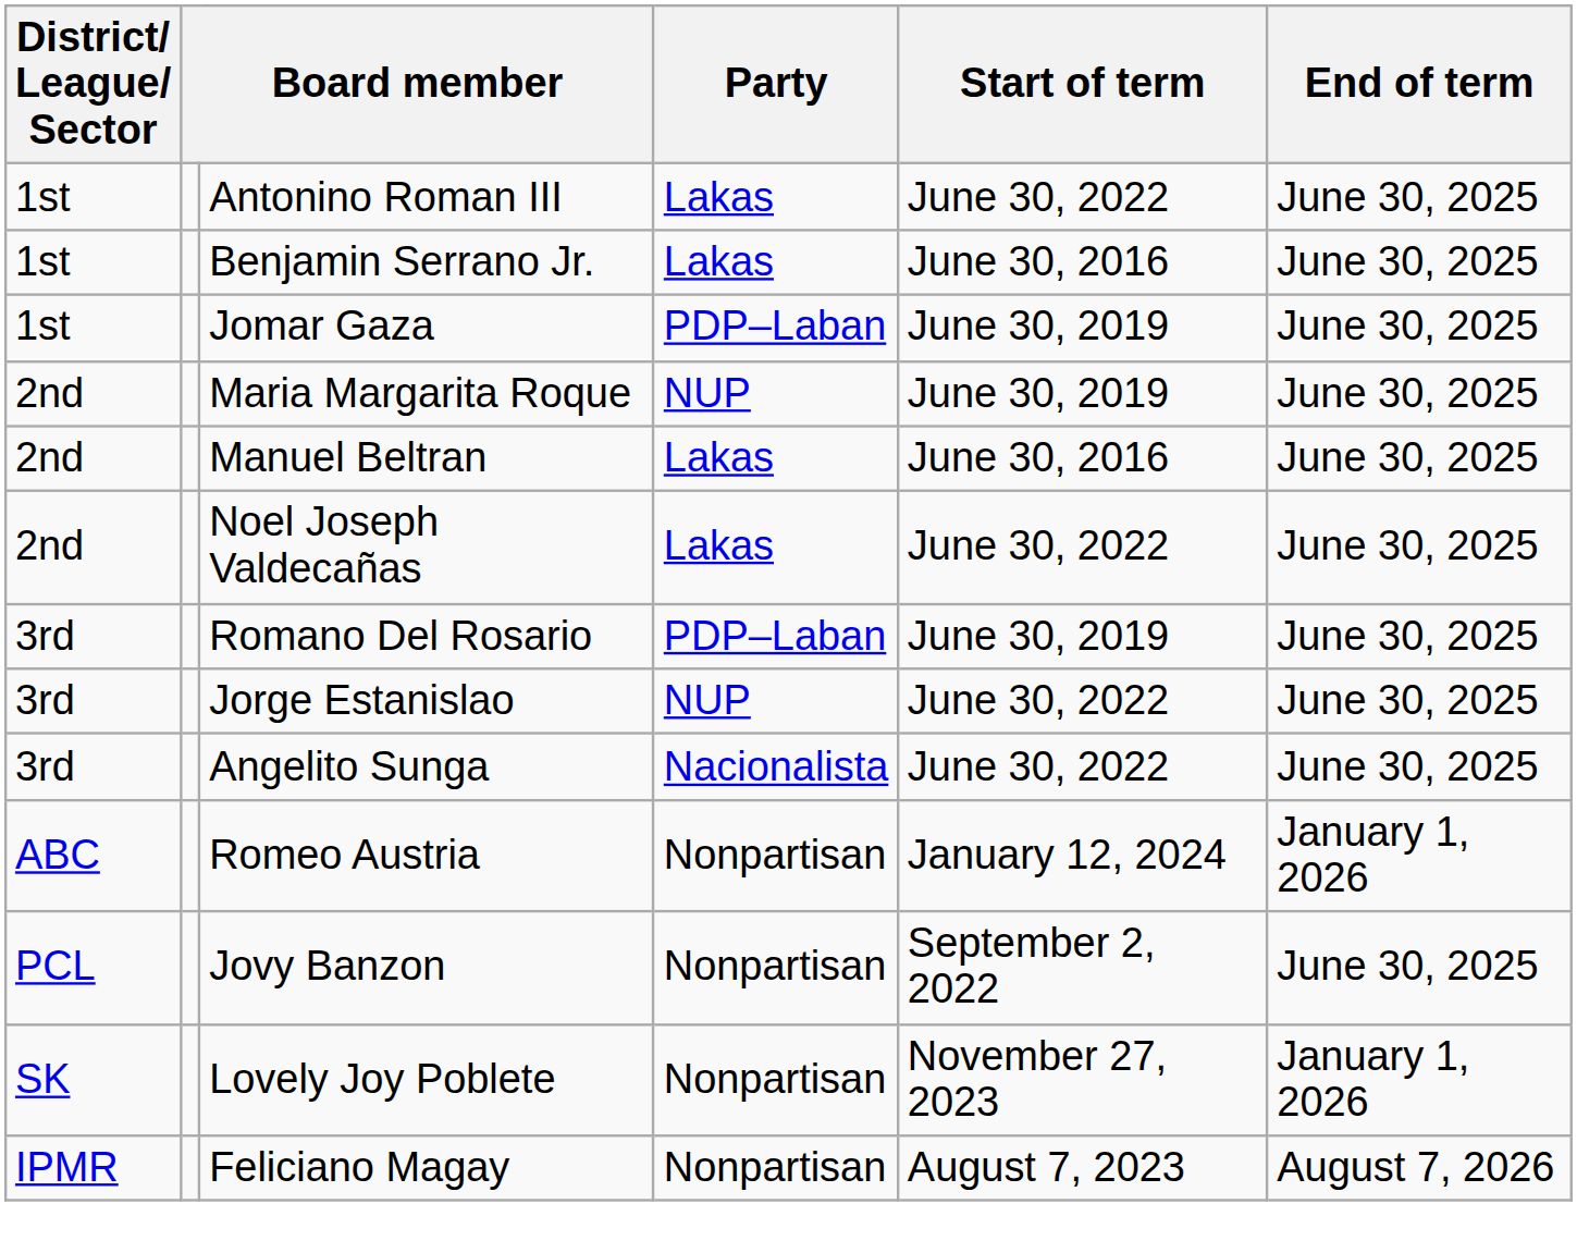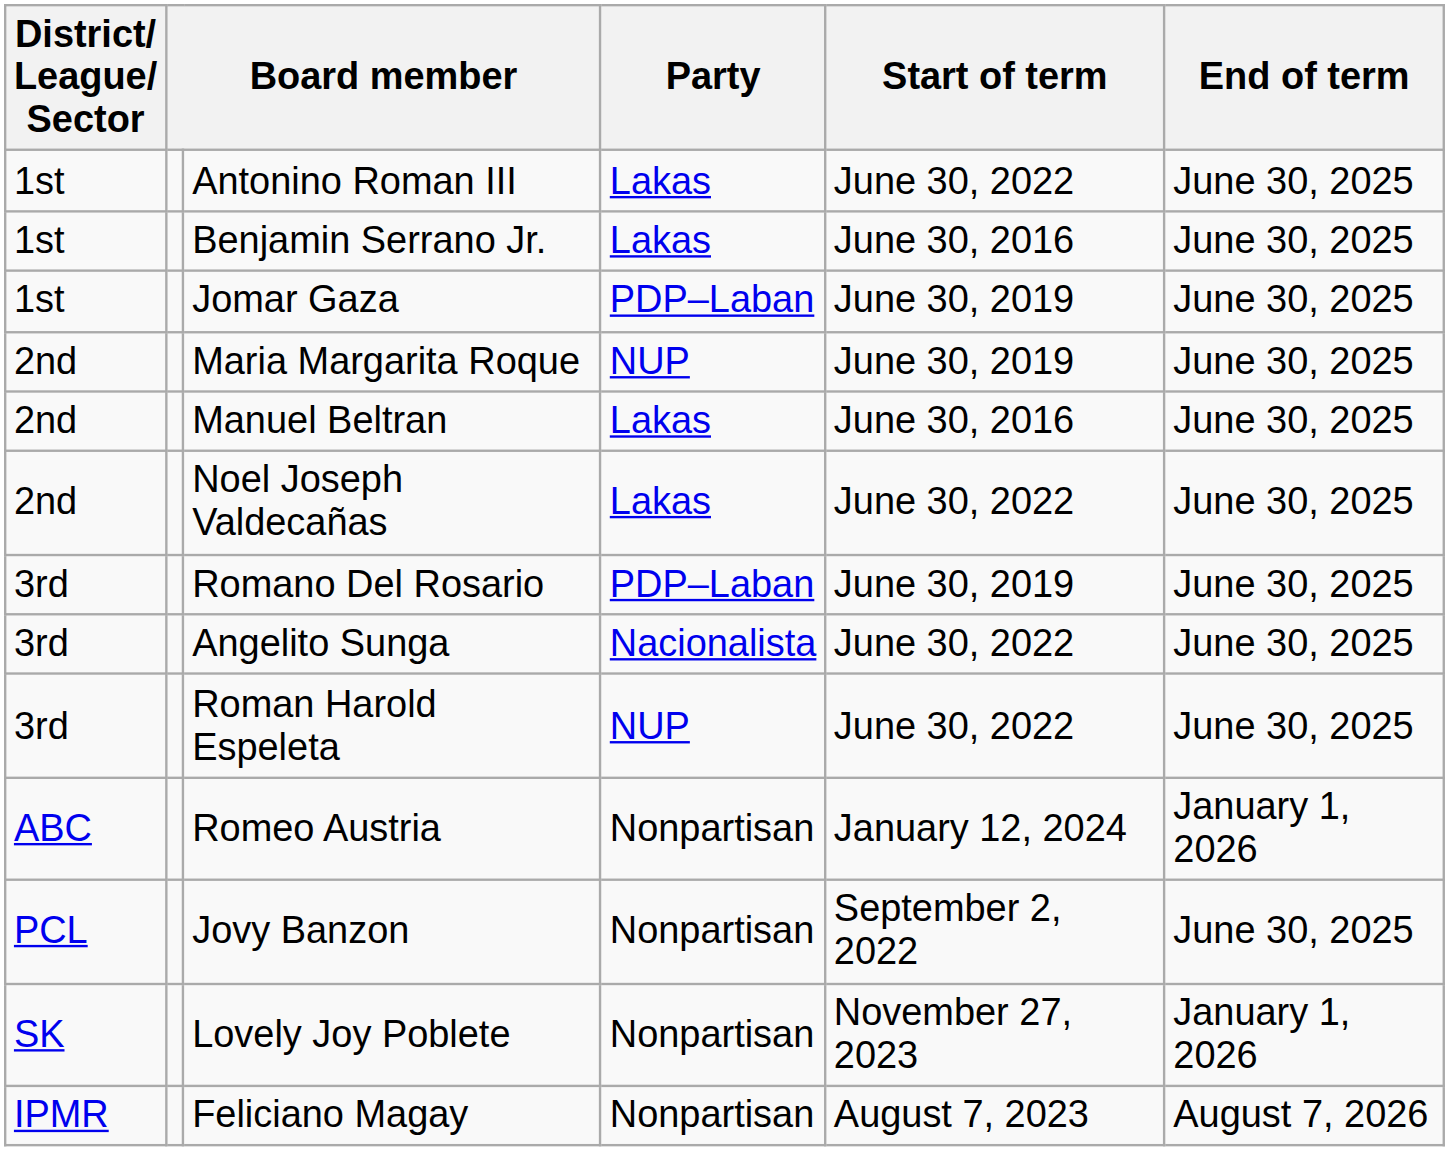 <table class="wikitable">
 <tr>
 <th>District/<br>League/<br>Sector</th>
 <th colspan="2">Board member</th>
 <th>Party</th>
 <th>Start of term</th>
 <th>End of term</th>
 </tr>
 <tr>
 <td>1st</td>
 <td></td>
 <td>Antonino Roman III</td>
 <td><a href='#'>Lakas</a></td>
 <td>June 30, 2022</td>
 <td>June 30, 2025</td>
 </tr>
 <tr>
 <td>1st</td>
 <td></td>
 <td>Benjamin Serrano Jr.</td>
 <td><a href='#'>Lakas</a></td>
 <td>June 30, 2016</td>
 <td>June 30, 2025</td>
 </tr>
 <tr>
 <td>1st</td>
 <td></td>
 <td>Jomar Gaza</td>
 <td><a href='#'>PDP–Laban</a></td>
 <td>June 30, 2019</td>
 <td>June 30, 2025</td>
 </tr>
 <tr>
 <td>2nd</td>
 <td></td>
 <td>Maria Margarita Roque</td>
 <td><a href='#'>NUP</a></td>
 <td>June 30, 2019</td>
 <td>June 30, 2025</td>
 </tr>
 <tr>
 <td>2nd</td>
 <td></td>
 <td>Manuel Beltran</td>
 <td><a href='#'>Lakas</a></td>
 <td>June 30, 2016</td>
 <td>June 30, 2025</td>
 </tr>
 <tr>
 <td>2nd</td>
 <td></td>
 <td>Noel Joseph Valdecañas</td>
 <td><a href='#'>Lakas</a></td>
 <td>June 30, 2022</td>
 <td>June 30, 2025</td>
 </tr>
 <tr>
 <td>3rd</td>
 <td></td>
 <td>Romano Del Rosario</td>
 <td><a href='#'>PDP–Laban</a></td>
 <td>June 30, 2019</td>
 <td>June 30, 2025</td>
 </tr>
 <tr>
 <td>3rd</td>
 <td></td>
-<td>Jorge Estanislao</td>
-<td><a href='#'>NUP</a></td>
+<td>Angelito Sunga</td>
+<td><a href='#'>Nacionalista</a></td>
 <td>June 30, 2022</td>
 <td>June 30, 2025</td>
 </tr>
 <tr>
 <td>3rd</td>
 <td></td>
-<td>Angelito Sunga</td>
-<td><a href='#'>Nacionalista</a></td>
+<td>Roman Harold Espeleta</td>
+<td><a href='#'>NUP</a></td>
 <td>June 30, 2022</td>
 <td>June 30, 2025</td>
 </tr>
 <tr>
 <td><a href='#'>ABC</a></td>
 <td></td>
 <td>Romeo Austria</td>
 <td>Nonpartisan</td>
 <td>January 12, 2024</td>
 <td>January 1, 2026</td>
 </tr>
 <tr>
 <td><a href='#'>PCL</a></td>
 <td></td>
 <td>Jovy Banzon</td>
 <td>Nonpartisan</td>
 <td>September 2, 2022</td>
 <td>June 30, 2025</td>
 </tr>
 <tr>
 <td><a href='#'>SK</a></td>
 <td></td>
 <td>Lovely Joy Poblete</td>
 <td>Nonpartisan</td>
 <td>November 27, 2023</td>
 <td>January 1, 2026</td>
 </tr>
 <tr>
 <td><a href='#'>IPMR</a></td>
 <td></td>
 <td>Feliciano Magay</td>
 <td>Nonpartisan</td>
 <td>August 7, 2023</td>
 <td>August 7, 2026</td>
 </tr>
 </table>
